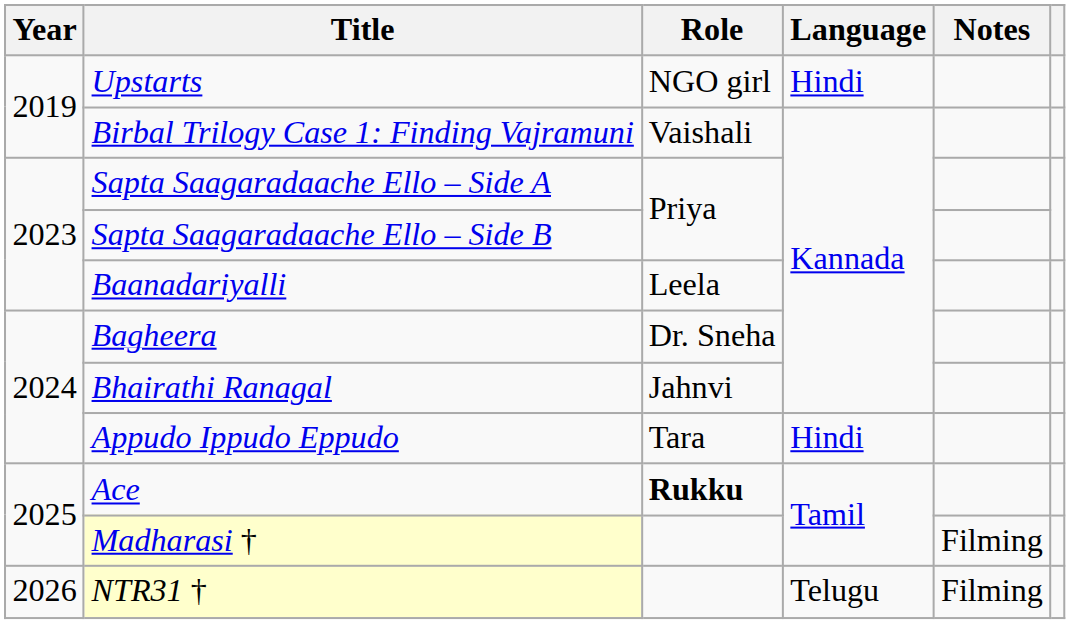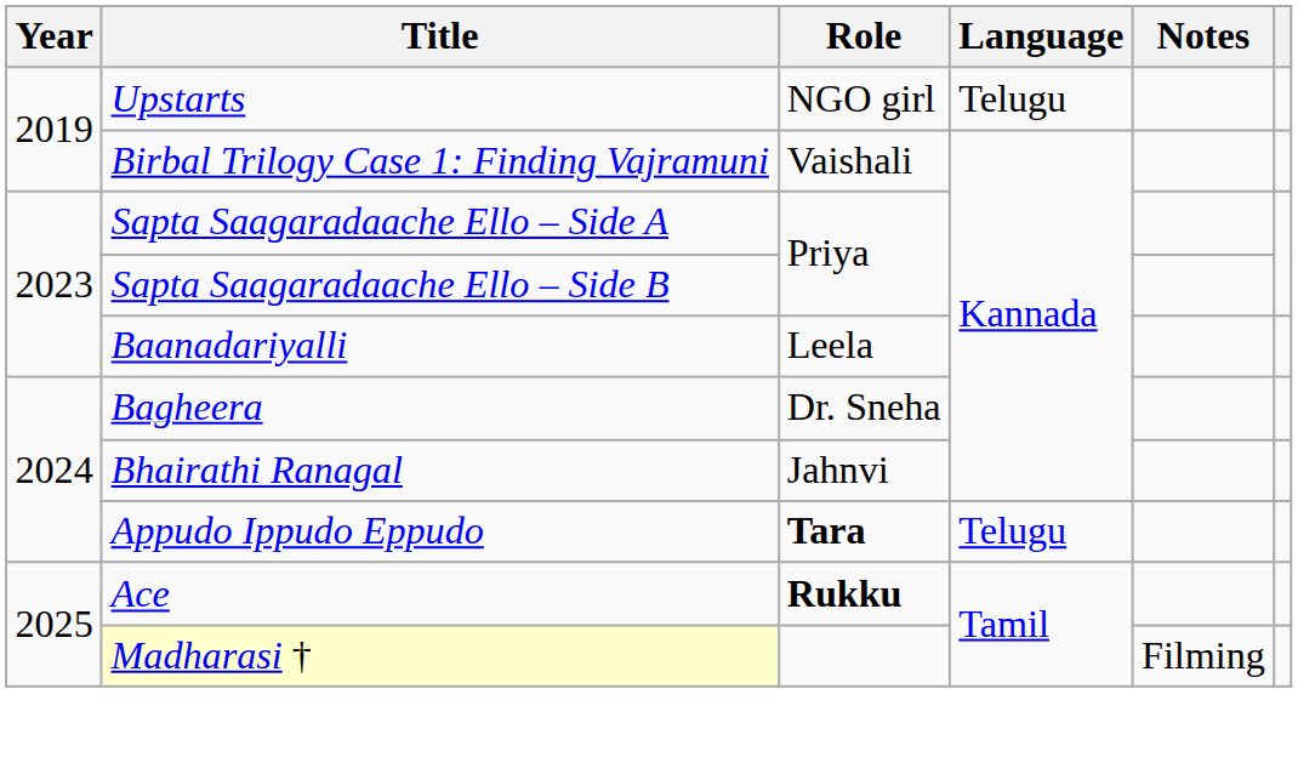 <table class="wikitable sortable">
 <tr>
 <th scope="col">Year</th>
 <th scope="col">Title</th>
 <th scope="col">Role</th>
 <th scope="col">Language</th>
 <th scope="col">Notes</th>
 <th scope="col" class="unsortable"></th>
 </tr>
 <tr>
 <td rowspan="2">2019</td>
 <td><em><a href='#'>Upstarts</a></em></td>
 <td>NGO girl</td>
-<td><a href='#'>Hindi</a></td>
+<td>Telugu</td>
 <td></td>
 <td></td>
 </tr>
 <tr>
 <td><em><a href='#'>Birbal Trilogy Case 1: Finding Vajramuni</a></em></td>
 <td>Vaishali</td>
 <td rowspan="6"><a href='#'>Kannada</a></td>
 <td></td>
 <td></td>
 </tr>
 <tr>
 <td rowspan=3>2023</td>
 <td><em><a href='#'>Sapta Saagaradaache Ello – Side A</a></em></td>
 <td rowspan="2">Priya</td>
 <td></td>
 <td rowspan="2"></td>
 </tr>
 <tr>
 <td><em><a href='#'>Sapta Saagaradaache Ello – Side B</a></em></td>
 <td></td>
 </tr>
 <tr>
 <td><em><a href='#'>Baanadariyalli</a></em></td>
 <td>Leela</td>
 <td></td>
 <td></td>
 </tr>
 <tr>
 <td rowspan="3">2024</td>
 <td><em><a href='#'>Bagheera</a></em></td>
 <td>Dr. Sneha</td>
 <td></td>
 <td></td>
 </tr>
 <tr>
 <td><em><a href='#'>Bhairathi Ranagal</a></em></td>
 <td>Jahnvi</td>
 <td></td>
 <td></td>
 </tr>
 <tr>
 <td><em><a href='#'>Appudo Ippudo Eppudo</a></em></td>
-<td>Tara</td>
-<td><a href='#'>Hindi</a></td>
+<td><strong>Tara</strong></td>
+<td><a href='#'>Telugu</a></td>
 <td></td>
 <td></td>
 </tr>
 <tr>
 <td rowspan="2">2025</td>
 <td><em><a href='#'>Ace</a></em></td>
 <td><strong>Rukku</strong></td>
 <td rowspan="2"><a href='#'>Tamil</a></td>
 <td></td>
 <td></td>
 </tr>
 <tr>
 <td style="background :#FFFFCC; "><em><a href='#'>Madharasi</a></em> <abbr>†</abbr></td>
 <td></td>
 <td>Filming</td>
 <td></td>
 </tr>
-<tr>
-<td>2026</td>
-<td style="background :#FFFFCC;"><em>NTR31</em> <abbr>†</abbr></td>
-<td></td>
-<td>Telugu</td>
-<td>Filming</td>
-<td></td>
-</tr>
 </table>
